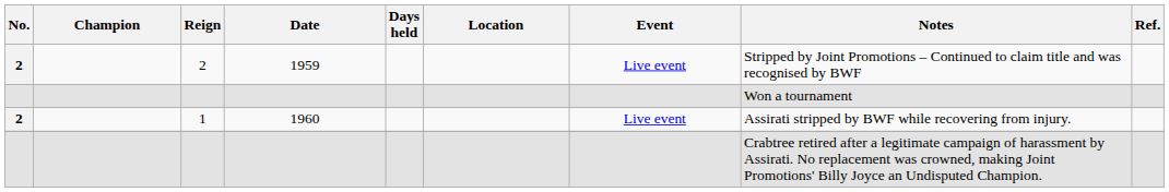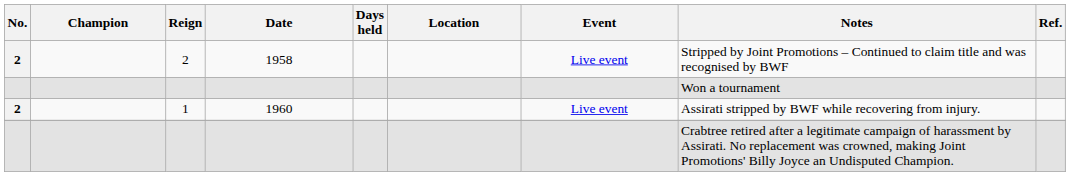 <table class="wikitable sortable" style="text-align: center" width=100%>
 <tr>
 <th width=0 data-sort-type="number">No.</th>
 <th width=14%>Champion</th>
 <th width=0>Reign</th>
 <th width=16%>Date</th>
 <th width=0 data-sort-type="number">Days held</th>
 <th width=14%>Location</th>
 <th width=17%>Event</th>
 <th width=51% class="unsortable">Notes</th>
 <th width=0 class="unsortable">Ref.</th>
 </tr>
 <tr>
 <th>2</th>
 <td></td>
 <td>2</td>
-<td>1959</td>
+<td>1958</td>
 <td></td>
 <td></td>
 <td><a href='#'>Live event</a></td>
 <td align=left>Stripped by Joint Promotions – Continued to claim title and was recognised by BWF</td>
 <td></td>
 </tr>
 <tr style="background-color:#e3e3e3">
 <td></td>
 <td></td>
 <td></td>
 <td></td>
 <td></td>
 <td></td>
 <td></td>
 <td align=left>Won a tournament</td>
 <td> </td>
 </tr>
 <tr>
 <th>2</th>
 <td></td>
 <td>1</td>
 <td>1960</td>
 <td></td>
 <td></td>
 <td><a href='#'>Live event</a></td>
 <td align=left>Assirati stripped by BWF while recovering from injury.</td>
 <td> </td>
 </tr>
 <tr>
 </tr>
 <tr style="background-color:#e3e3e3">
 <td></td>
 <td></td>
 <td></td>
 <td></td>
 <td></td>
 <td></td>
 <td></td>
 <td align=left>Crabtree retired after a legitimate campaign of harassment by Assirati. No replacement was crowned, making Joint Promotions' Billy Joyce an Undisputed Champion.</td>
 <td> </td>
 </tr>
 </table>
